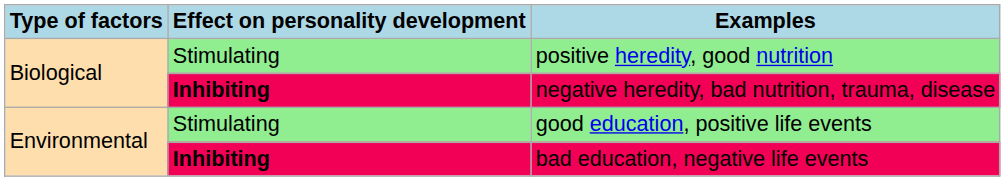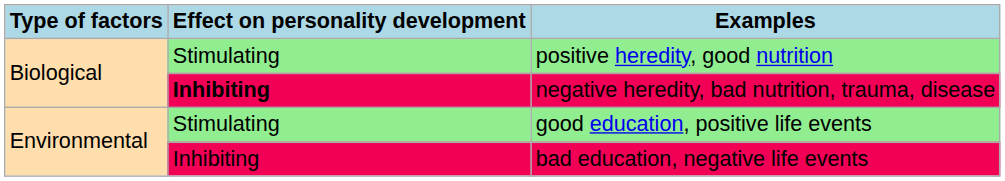 <table class="wikitable">
 <tr>
 <th style="background: #ADD8E6">Type of factors</th>
 <th style="background: #ADD8E6">Effect on personality development</th>
 <th style="background: #ADD8E6">Examples</th>
 </tr>
 <tr>
 <td rowspan="2" style="background: #ffdead;">Biological</td>
 <td style="background: #90EE90">Stimulating</td>
 <td style="background: #90EE90">positive <a href='#'>heredity</a>, good <a href='#'>nutrition</a></td>
 </tr>
 <tr>
 <td style="background: #F20056"><strong>Inhibiting</strong></td>
 <td style="background: #F20056">negative heredity, bad nutrition, trauma, disease</td>
 </tr>
 <tr>
 <td rowspan="2" style="background: #ffdead;">Environmental</td>
 <td style="background: #90EE90">Stimulating</td>
 <td style="background: #90EE90">good <a href='#'>education</a>, positive life events</td>
 </tr>
 <tr>
-<td style="background: #F20056"><strong>Inhibiting</strong></td>
+<td style="background: #F20056">Inhibiting</td>
 <td style="background: #F20056">bad education, negative life events</td>
 </tr>
 </table>
